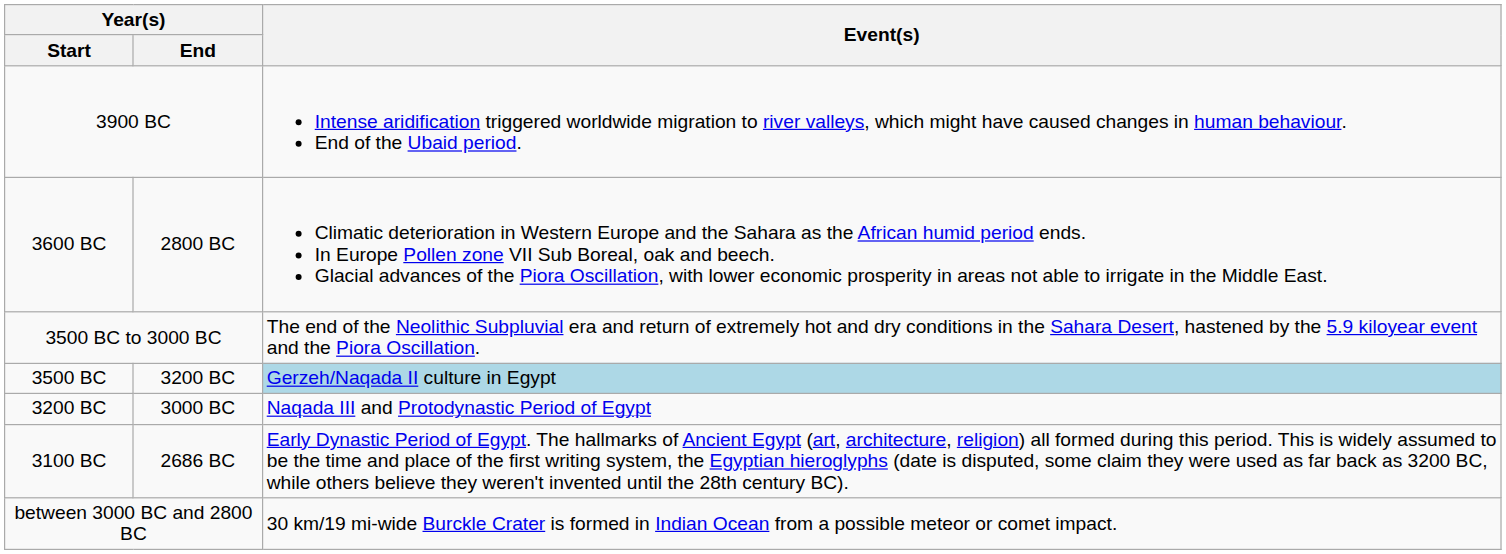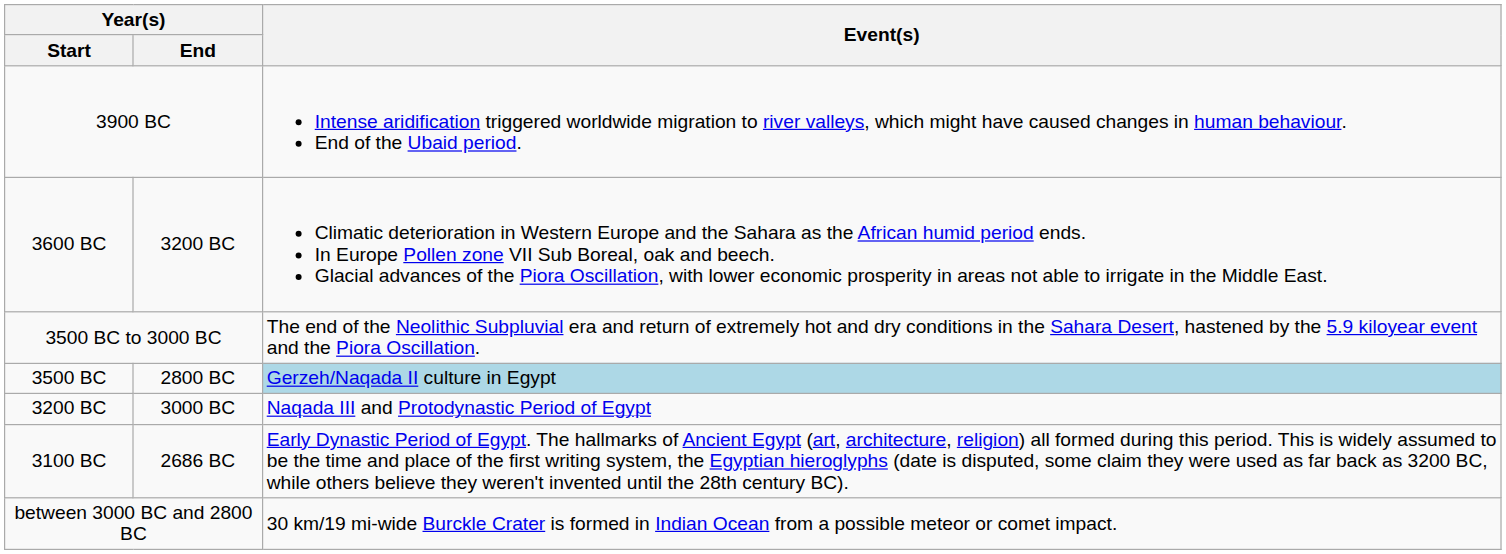 <table class="wikitable">
 <tr>
 <th colspan="2">Year(s)</th>
 <th rowspan="2">Event(s)</th>
 </tr>
 <tr>
 <th style="width:100px;">Start</th>
 <th style="width:100px;">End</th>
 </tr>
 <tr>
 <td colspan="2" style="text-align:center;">3900 BC</td>
 <td><div><br><ul><li><a href='#'>Intense aridification</a> triggered worldwide migration to <a href='#'>river valleys</a>, which might have caused changes in <a href='#'>human behaviour</a>.</li><li>End of the <a href='#'>Ubaid period</a>.</li></ul></div></td>
 </tr>
 <tr>
 <td style="text-align:center;">3600 BC</td>
-<td style="text-align:center;">2800 BC</td>
+<td style="text-align:center;">3200 BC</td>
 <td><div><br><ul><li>Climatic deterioration in Western Europe and the Sahara as the <a href='#'>African humid period</a> ends.</li><li>In Europe <a href='#'>Pollen zone</a> VII Sub Boreal, oak and beech.</li><li>Glacial advances of the <a href='#'>Piora Oscillation</a>, with lower economic prosperity in areas not able to irrigate in the Middle East.</li></ul></div></td>
 </tr>
 <tr>
 <td colspan="2" style="text-align:center;">3500 BC to 3000 BC</td>
 <td>The end of the <a href='#'>Neolithic Subpluvial</a> era and return of extremely hot and dry conditions in the <a href='#'>Sahara Desert</a>, hastened by the <a href='#'>5.9 kiloyear event</a> and the <a href='#'>Piora Oscillation</a>.</td>
 </tr>
 <tr>
 <td style="text-align:center;">3500 BC</td>
-<td style="text-align:center;">3200 BC</td>
+<td style="text-align:center;">2800 BC</td>
 <td style="background: lightblue;"><a href='#'>Gerzeh/Naqada II</a> culture in Egypt</td>
 </tr>
 <tr>
 <td style="text-align:center;">3200 BC</td>
 <td style="text-align:center;">3000 BC</td>
 <td><a href='#'>Naqada III</a> and <a href='#'>Protodynastic Period of Egypt</a></td>
 </tr>
 <tr>
 <td style="text-align:center;">3100 BC</td>
 <td style="text-align:center;">2686 BC</td>
 <td><a href='#'>Early Dynastic Period of Egypt</a>.  The hallmarks of <a href='#'>Ancient Egypt</a> (<a href='#'>art</a>, <a href='#'>architecture</a>, <a href='#'>religion</a>) all formed during this period.  This is widely assumed to be the time and place of the first writing system, the <a href='#'>Egyptian hieroglyphs</a> (date is disputed, some claim they were used as far back as 3200 BC, while others believe they weren't invented until the 28th century BC).</td>
 </tr>
 <tr>
 <td colspan="2" style="text-align:center;">between 3000 BC and 2800 BC</td>
 <td>30 km/19 mi-wide <a href='#'>Burckle Crater</a> is formed in <a href='#'>Indian Ocean</a> from a possible meteor or comet impact.</td>
 </tr>
 </table>
